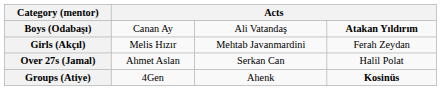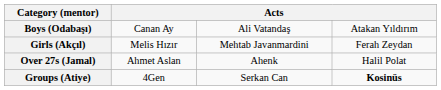 <table class="wikitable" style="text-align:center">
 <tr>
 <th scope="col" style="width:160px;">Category (mentor)</th>
 <th scope="col" colspan="4" style="width:500px;">Acts</th>
 </tr>
 <tr>
 <th scope="row">Boys (Odabaşı)</th>
 <td>Canan Ay</td>
 <td>Ali Vatandaş</td>
-<td><strong>Atakan Yıldırım</strong></td>
+<td>Atakan Yıldırım</td>
 </tr>
 <tr>
 <th scope="row">Girls (Akçıl)</th>
 <td>Melis Hızır</td>
 <td>Mehtab Javanmardini</td>
 <td>Ferah Zeydan</td>
 </tr>
 <tr>
 <th scope="row">Over 27s (Jamal)</th>
 <td>Ahmet Aslan</td>
-<td>Serkan Can</td>
+<td>Ahenk</td>
 <td>Halil Polat</td>
 </tr>
 <tr>
 <th scope="row">Groups (Atiye)</th>
 <td>4Gen</td>
-<td>Ahenk</td>
+<td>Serkan Can</td>
 <td><strong>Kosinüs</strong></td>
 </tr>
 </table>
